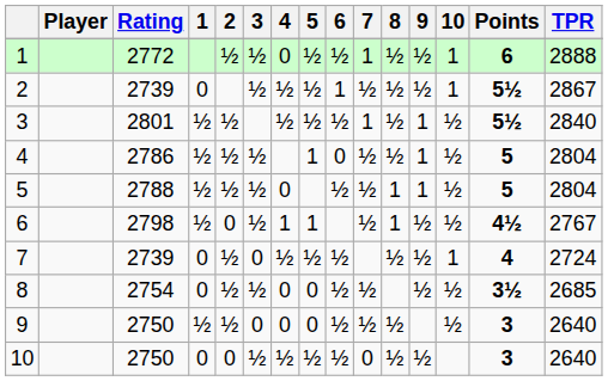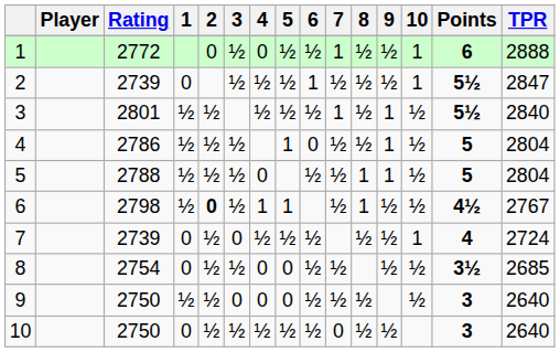 <table class="wikitable" style="text-align: center;">
 <tr>
 <th></th>
 <th>Player</th>
 <th><a href='#'>Rating</a></th>
 <th>1</th>
 <th>2</th>
 <th>3</th>
 <th>4</th>
 <th>5</th>
 <th>6</th>
 <th>7</th>
 <th>8</th>
 <th>9</th>
 <th>10</th>
 <th>Points</th>
 <th><a href='#'>TPR</a></th>
 </tr>
 <tr>
 </tr>
 <tr style="background:#ccffcc;">
 <td>1</td>
 <td align=left></td>
 <td>2772</td>
 <td></td>
-<td>½</td>
+<td>0</td>
 <td>½</td>
 <td>0</td>
 <td>½</td>
 <td>½</td>
 <td>1</td>
 <td>½</td>
 <td>½</td>
 <td>1</td>
 <td><strong>6</strong></td>
 <td>2888</td>
 </tr>
 <tr>
 <td>2</td>
 <td align=left></td>
 <td>2739</td>
 <td>0</td>
 <td></td>
 <td>½</td>
 <td>½</td>
 <td>½</td>
 <td>1</td>
 <td>½</td>
 <td>½</td>
 <td>½</td>
 <td>1</td>
 <td><strong>5½</strong></td>
-<td>2867</td>
+<td>2847</td>
 </tr>
 <tr>
 <td>3</td>
 <td align=left></td>
 <td>2801</td>
 <td>½</td>
 <td>½</td>
 <td></td>
 <td>½</td>
 <td>½</td>
 <td>½</td>
 <td>1</td>
 <td>½</td>
 <td>1</td>
 <td>½</td>
 <td><strong>5½</strong></td>
 <td>2840</td>
 </tr>
 <tr>
 <td>4</td>
 <td align=left></td>
 <td>2786</td>
 <td>½</td>
 <td>½</td>
 <td>½</td>
 <td></td>
 <td>1</td>
 <td>0</td>
 <td>½</td>
 <td>½</td>
 <td>1</td>
 <td>½</td>
 <td><strong>5</strong></td>
 <td>2804</td>
 </tr>
 <tr>
 <td>5</td>
 <td align=left></td>
 <td>2788</td>
 <td>½</td>
 <td>½</td>
 <td>½</td>
 <td>0</td>
 <td></td>
 <td>½</td>
 <td>½</td>
 <td>1</td>
 <td>1</td>
 <td>½</td>
 <td><strong>5</strong></td>
 <td>2804</td>
 </tr>
 <tr>
 <td>6</td>
 <td align=left></td>
 <td>2798</td>
 <td>½</td>
-<td>0</td>
+<td><strong>0</strong></td>
 <td>½</td>
 <td>1</td>
 <td>1</td>
 <td></td>
 <td>½</td>
 <td>1</td>
 <td>½</td>
 <td>½</td>
 <td><strong>4½</strong></td>
 <td>2767</td>
 </tr>
 <tr>
 <td>7</td>
 <td align=left></td>
 <td>2739</td>
 <td>0</td>
 <td>½</td>
 <td>0</td>
 <td>½</td>
 <td>½</td>
 <td>½</td>
 <td></td>
 <td>½</td>
 <td>½</td>
 <td>1</td>
 <td><strong>4</strong></td>
 <td>2724</td>
 </tr>
 <tr>
 <td>8</td>
 <td align=left></td>
 <td>2754</td>
 <td>0</td>
 <td>½</td>
 <td>½</td>
 <td>0</td>
 <td>0</td>
 <td>½</td>
 <td>½</td>
 <td></td>
 <td>½</td>
 <td>½</td>
 <td><strong>3½</strong></td>
 <td>2685</td>
 </tr>
 <tr>
 <td>9</td>
 <td align=left></td>
 <td>2750</td>
 <td>½</td>
 <td>½</td>
 <td>0</td>
 <td>0</td>
 <td>0</td>
 <td>½</td>
 <td>½</td>
 <td>½</td>
 <td></td>
 <td>½</td>
 <td><strong>3</strong></td>
 <td>2640</td>
 </tr>
 <tr>
 <td>10</td>
 <td align=left></td>
 <td>2750</td>
 <td>0</td>
-<td>0</td>
+<td>½</td>
 <td>½</td>
 <td>½</td>
 <td>½</td>
 <td>½</td>
 <td>0</td>
 <td>½</td>
 <td>½</td>
 <td></td>
 <td><strong>3</strong></td>
 <td>2640</td>
 </tr>
 </table>
